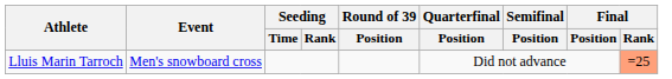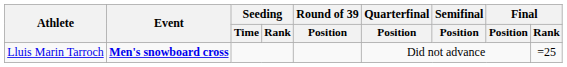 <table class="wikitable" style="font-size:90%">
 <tr>
 <th rowspan="2">Athlete</th>
 <th rowspan="2">Event</th>
 <th colspan=2>Seeding</th>
 <th>Round of 39</th>
 <th>Quarterfinal</th>
 <th>Semifinal</th>
 <th colspan=2>Final</th>
 </tr>
 <tr style="font-size:95%">
 <th>Time</th>
 <th>Rank</th>
 <th>Position</th>
 <th>Position</th>
 <th>Position</th>
 <th>Position</th>
 <th>Rank</th>
 </tr>
 <tr align=center>
 <td align=left><a href='#'>Lluis Marin Tarroch</a></td>
-<td align=left><a href='#'>Men's snowboard cross</a></td>
+<td align=left><strong><a href='#'>Men's snowboard cross</a></strong></td>
 <td colspan=2></td>
 <td></td>
 <td colspan=3>Did not advance</td>
-<td style="background: lightsalmon;">=25</td>
+<td>=25</td>
 </tr>
 </table>
